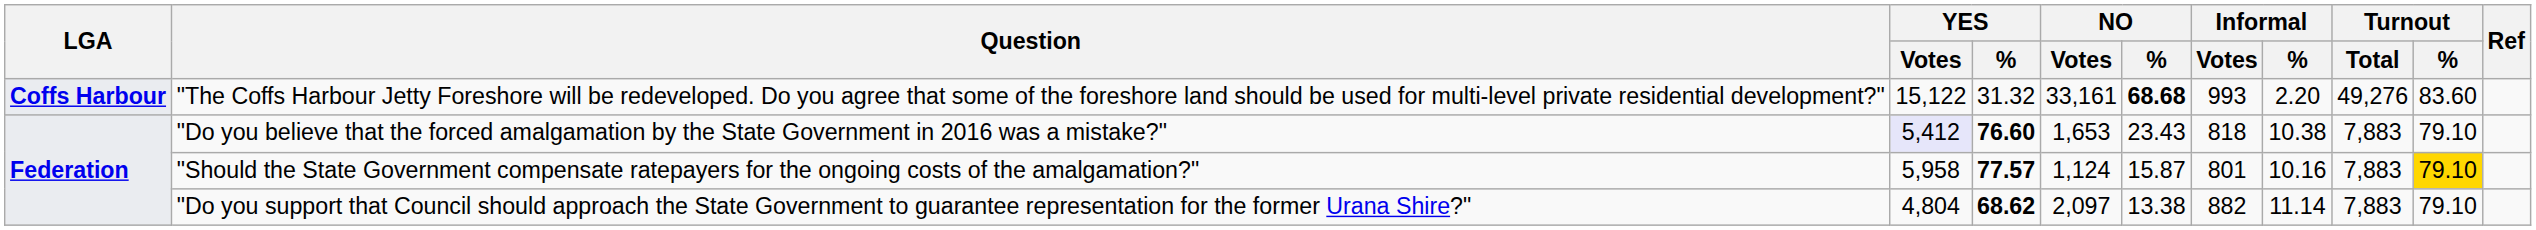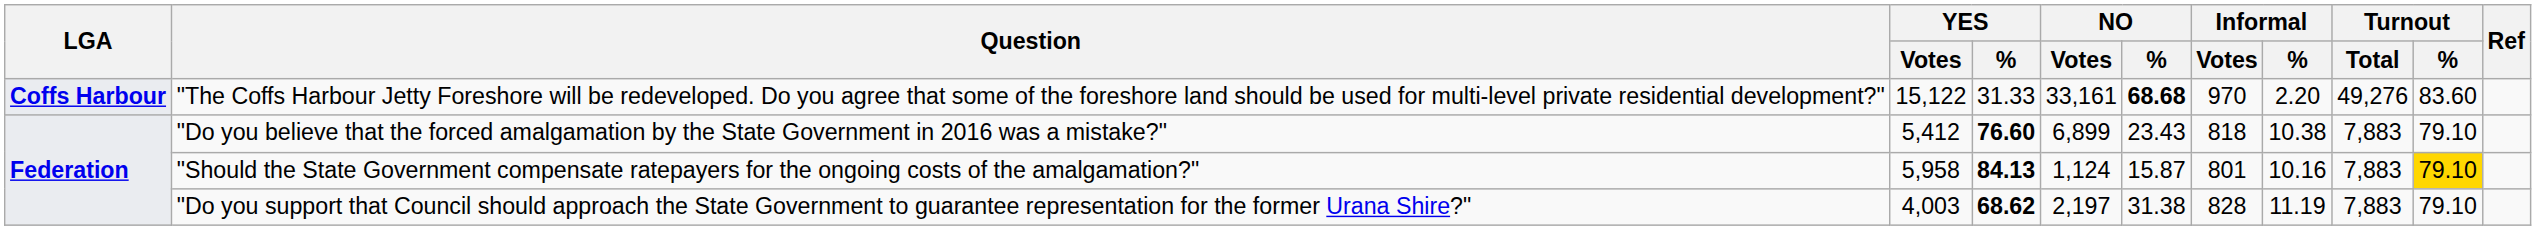 <table class="wikitable sortable">
 <tr>
 <th rowspan="2" style="text-align:center;">LGA</th>
 <th rowspan="2" style="text-align:center;">Question</th>
 <th colspan="2" align="center">YES</th>
 <th colspan="2" align="center">NO</th>
 <th colspan="2" align="center">Informal</th>
 <th colspan="2" align="center">Turnout</th>
 <th rowspan="2" style="text-align:center;" class=unsortable>Ref</th>
 </tr>
 <tr>
 <th align="center">Votes</th>
 <th align="center">%</th>
 <th align="center">Votes</th>
 <th align="center">%</th>
 <th align="center">Votes</th>
 <th align="center">%</th>
 <th align="center">Total</th>
 <th align="center">%</th>
 </tr>
 <tr>
 <td align="left"; style=background:#EAECF0><strong><a href='#'>Coffs Harbour</a></strong></td>
 <td>"The Coffs Harbour Jetty Foreshore will be redeveloped. Do you agree that some of the foreshore land should be used for multi-level private residential development?"</td>
 <td style="text-align:center;">15,122</td>
-<td>31.32</td>
+<td>31.33</td>
 <td style="text-align:center;">33,161</td>
 <td><strong>68.68</strong></td>
-<td style="text-align:center;">993</td>
+<td style="text-align:center;">970</td>
 <td align="center">2.20</td>
 <td style="text-align:center;">49,276</td>
 <td align="center">83.60</td>
 <td align="center"></td>
 </tr>
 <tr>
 <td align="left"; rowspan=3; style=background:#EAECF0><strong><a href='#'>Federation</a></strong></td>
 <td>"Do you believe that the forced amalgamation by the State Government in 2016 was a mistake?"</td>
-<td style="background: lavender; text-align:center;">5,412</td>
+<td style="text-align:center;">5,412</td>
 <td><strong>76.60</strong></td>
-<td style="text-align:center;">1,653</td>
+<td style="text-align:center;">6,899</td>
 <td>23.43</td>
 <td style="text-align:center;">818</td>
 <td align="center">10.38</td>
 <td style="text-align:center;">7,883</td>
 <td align="center">79.10</td>
 <td align="center"></td>
 </tr>
 <tr>
 <td>"Should the State Government compensate ratepayers for the ongoing costs of the amalgamation?"</td>
 <td style="text-align:center;">5,958</td>
-<td><strong>77.57</strong></td>
+<td><strong>84.13</strong></td>
 <td style="text-align:center;">1,124</td>
 <td>15.87</td>
 <td style="text-align:center;">801</td>
 <td align="center">10.16</td>
 <td style="text-align:center;">7,883</td>
 <td align="center" style="background: gold;">79.10</td>
 <td align="center"></td>
 </tr>
 <tr>
 <td>"Do you support that Council should approach the State Government to guarantee representation for the former <a href='#'>Urana Shire</a>?"</td>
-<td style="text-align:center;">4,804</td>
+<td style="text-align:center;">4,003</td>
 <td><strong>68.62</strong></td>
-<td style="text-align:center;">2,097</td>
-<td>13.38</td>
-<td style="text-align:center;">882</td>
-<td align="center">11.14</td>
+<td style="text-align:center;">2,197</td>
+<td>31.38</td>
+<td style="text-align:center;">828</td>
+<td align="center">11.19</td>
 <td style="text-align:center;">7,883</td>
 <td align="center">79.10</td>
 <td align="center"></td>
 </tr>
 </table>
